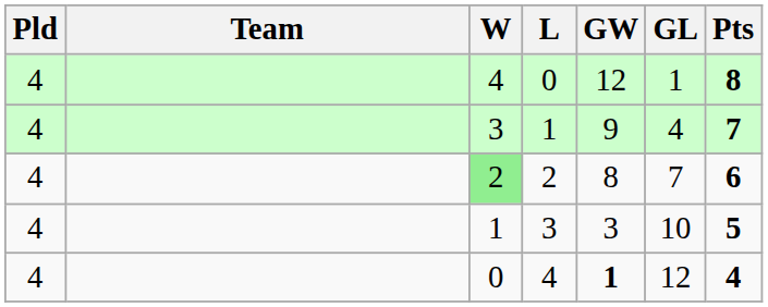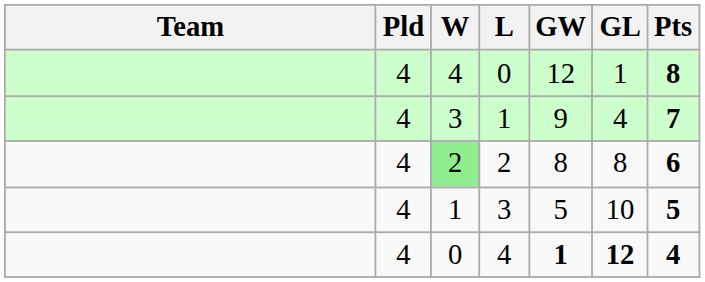 <table class="wikitable" style="text-align:center">
 <tr>
+<th width=200>Team</th>
 <th width=20>Pld</th>
-<th width=200>Team</th>
 <th width=20>W</th>
 <th width=20>L</th>
 <th width=20>GW</th>
 <th width=20>GL</th>
 <th width=20>Pts</th>
 </tr>
 <tr bgcolor=ccffcc>
+<td style="text-align:left;"></td>
 <td>4</td>
-<td style="text-align:left;"></td>
 <td>4</td>
 <td>0</td>
 <td>12</td>
 <td>1</td>
 <td><strong>8</strong></td>
 </tr>
 <tr bgcolor=ccffcc>
+<td style="text-align:left;"></td>
 <td>4</td>
-<td style="text-align:left;"></td>
 <td>3</td>
 <td>1</td>
 <td>9</td>
 <td>4</td>
 <td><strong>7</strong></td>
 </tr>
 <tr>
+<td style="text-align:left;"></td>
 <td>4</td>
-<td style="text-align:left;"></td>
 <td style="background: lightgreen;">2</td>
 <td>2</td>
 <td>8</td>
-<td>7</td>
+<td>8</td>
 <td><strong>6</strong></td>
 </tr>
 <tr>
+<td style="text-align:left;"></td>
 <td>4</td>
-<td style="text-align:left;"></td>
 <td>1</td>
 <td>3</td>
-<td>3</td>
+<td>5</td>
 <td>10</td>
 <td><strong>5</strong></td>
 </tr>
 <tr>
+<td style="text-align:left;"></td>
 <td>4</td>
-<td style="text-align:left;"></td>
 <td>0</td>
 <td>4</td>
 <td><strong>1</strong></td>
-<td>12</td>
+<td><strong>12</strong></td>
 <td><strong>4</strong></td>
 </tr>
 </table>
